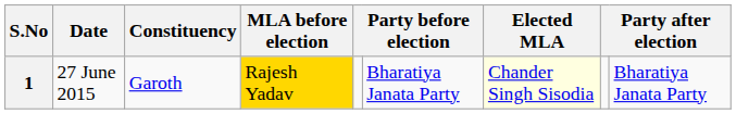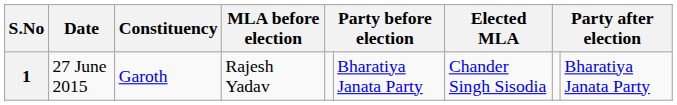 <table class="wikitable sortable">
 <tr>
 <th>S.No</th>
 <th>Date</th>
 <th>Constituency</th>
 <th>MLA before election</th>
 <th colspan="2">Party before election</th>
 <th>Elected MLA</th>
 <th colspan="2">Party after election</th>
 </tr>
 <tr>
 <th>1</th>
 <td>27 June 2015</td>
 <td><a href='#'>Garoth</a></td>
-<td style="background: gold;">Rajesh Yadav</td>
+<td>Rajesh Yadav</td>
 <td></td>
 <td><a href='#'>Bharatiya Janata Party</a></td>
-<td style="background: lightyellow;"><a href='#'>Chander Singh Sisodia</a></td>
+<td><a href='#'>Chander Singh Sisodia</a></td>
 <td></td>
 <td><a href='#'>Bharatiya Janata Party</a></td>
 </tr>
 </table>
